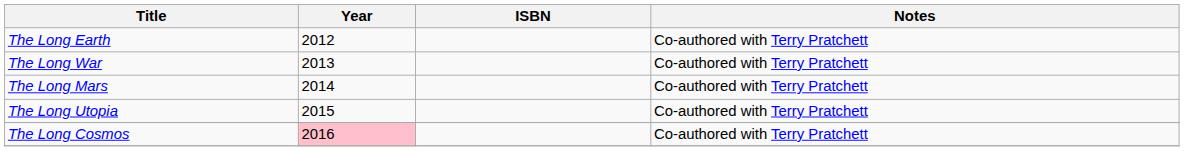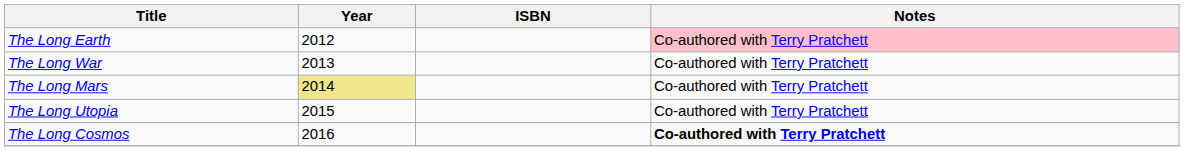 <table class='wikitable' width='100%'>
 <tr>
 <th width='25%'>Title</th>
 <th width='10%'>Year</th>
 <th width='20%'>ISBN</th>
 <th width='45%'>Notes</th>
 </tr>
 <tr>
 <td><em><a href='#'>The Long Earth</a></em></td>
 <td>2012</td>
 <td></td>
-<td>Co-authored with <a href='#'>Terry Pratchett</a></td>
+<td style="background: pink;">Co-authored with <a href='#'>Terry Pratchett</a></td>
 </tr>
 <tr>
 <td><em><a href='#'>The Long War</a></em></td>
 <td>2013</td>
 <td></td>
 <td>Co-authored with <a href='#'>Terry Pratchett</a></td>
 </tr>
 <tr>
 <td><em><a href='#'>The Long Mars</a></em></td>
-<td>2014</td>
+<td style="background: khaki;">2014</td>
 <td></td>
 <td>Co-authored with <a href='#'>Terry Pratchett</a></td>
 </tr>
 <tr>
 <td><em><a href='#'>The Long Utopia</a></em></td>
 <td>2015</td>
 <td></td>
 <td>Co-authored with <a href='#'>Terry Pratchett</a></td>
 </tr>
 <tr>
 </tr>
 <tr>
 <td><em><a href='#'>The Long Cosmos</a></em></td>
-<td style="background: pink;">2016</td>
+<td>2016</td>
 <td></td>
-<td>Co-authored with <a href='#'>Terry Pratchett</a></td>
+<td><strong>Co-authored with <a href='#'>Terry Pratchett</a></strong></td>
 </tr>
 <tr>
 </tr>
 </table>
